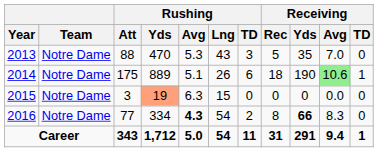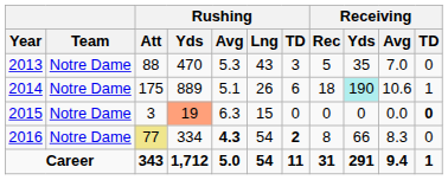 <table class="wikitable" style="text-align:center;">
 <tr>
 <th colspan="2"></th>
 <th colspan="5">Rushing</th>
 <th colspan="4">Receiving</th>
 </tr>
 <tr>
 <th>Year</th>
 <th>Team</th>
 <th>Att</th>
 <th>Yds</th>
 <th>Avg</th>
 <th>Lng</th>
 <th>TD</th>
 <th>Rec</th>
 <th>Yds</th>
 <th>Avg</th>
 <th>TD</th>
 </tr>
 <tr>
 <td><a href='#'>2013</a></td>
 <td><a href='#'>Notre Dame</a></td>
 <td>88</td>
 <td>470</td>
 <td>5.3</td>
 <td>43</td>
 <td>3</td>
 <td>5</td>
 <td>35</td>
 <td>7.0</td>
 <td>0</td>
 </tr>
 <tr>
 <td><a href='#'>2014</a></td>
 <td><a href='#'>Notre Dame</a></td>
 <td>175</td>
 <td>889</td>
 <td>5.1</td>
 <td>26</td>
 <td>6</td>
 <td>18</td>
-<td>190</td>
-<td style="background: lightgreen;">10.6</td>
+<td style="background: paleturquoise;">190</td>
+<td>10.6</td>
 <td>1</td>
 </tr>
 <tr>
 <td><a href='#'>2015</a></td>
 <td><a href='#'>Notre Dame</a></td>
 <td>3</td>
 <td style="background: lightsalmon;">19</td>
 <td>6.3</td>
 <td>15</td>
 <td>0</td>
 <td>0</td>
 <td>0</td>
 <td>0.0</td>
-<td>0</td>
+<td><strong>0</strong></td>
 </tr>
 <tr>
 <td><a href='#'>2016</a></td>
 <td><a href='#'>Notre Dame</a></td>
-<td>77</td>
+<td style="background: khaki;">77</td>
 <td>334</td>
 <td><strong>4.3</strong></td>
 <td>54</td>
-<td>2</td>
+<td><strong>2</strong></td>
 <td>8</td>
-<td><strong>66</strong></td>
+<td>66</td>
 <td>8.3</td>
 <td>0</td>
 </tr>
 <tr style="font-weight:bold;">
 <td colspan=2>Career</td>
 <td>343</td>
 <td>1,712</td>
 <td>5.0</td>
 <td>54</td>
 <td>11</td>
 <td>31</td>
 <td>291</td>
 <td>9.4</td>
 <td>1</td>
 </tr>
 </table>
